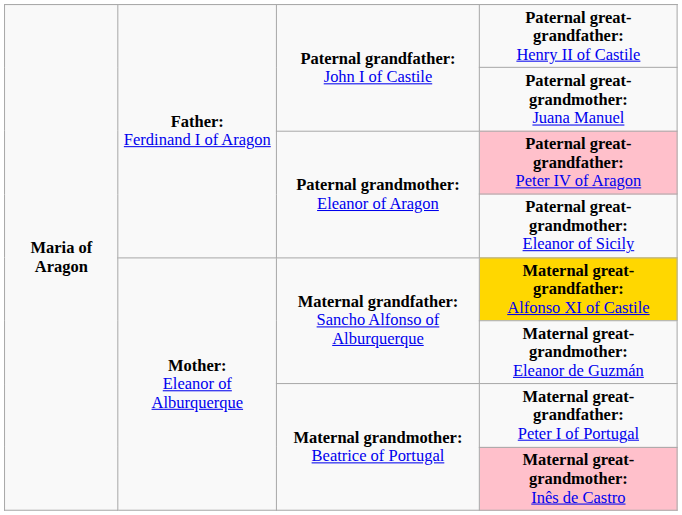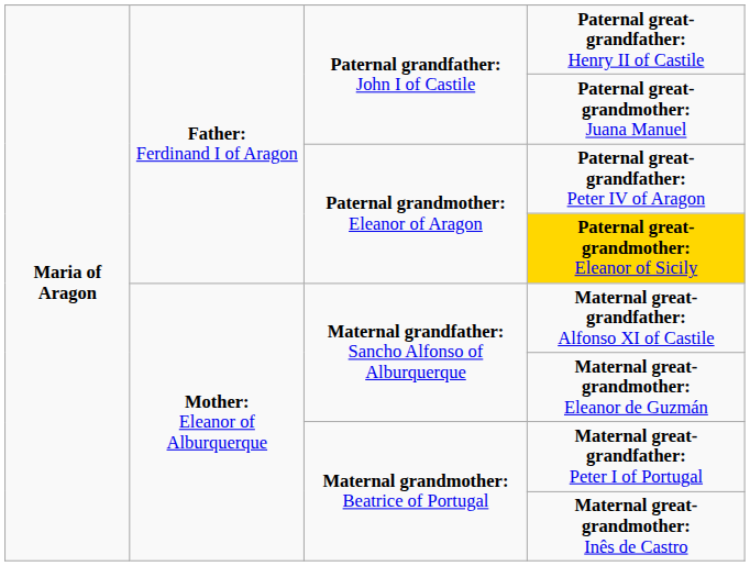 <table class="wikitable" style"text align:centre; width=74%; border=1px #AAAAFF solid">
 <tr>
 </tr>
 <tr>
 <td rowspan="8" align="center"><strong>Maria of Aragon</strong></td>
 <td rowspan="4" align="center"><strong>Father:</strong><br><a href='#'>Ferdinand I of Aragon</a></td>
 <td rowspan="2" align="center"><strong>Paternal grandfather:</strong><br><a href='#'>John I of Castile</a></td>
 <td align="center"><strong>Paternal great-grandfather:</strong><br><a href='#'>Henry II of Castile</a></td>
 </tr>
 <tr>
 <td align="center"><strong>Paternal great-grandmother:</strong><br><a href='#'>Juana Manuel</a></td>
 </tr>
 <tr>
 <td rowspan="2" align="center"><strong>Paternal grandmother:</strong><br><a href='#'>Eleanor of Aragon</a></td>
-<td align="center" style="background: pink;"><strong>Paternal great-grandfather:</strong><br><a href='#'>Peter IV of Aragon</a></td>
+<td align="center"><strong>Paternal great-grandfather:</strong><br><a href='#'>Peter IV of Aragon</a></td>
 </tr>
 <tr>
-<td align="center"><strong>Paternal great-grandmother:</strong><br><a href='#'>Eleanor of Sicily</a></td>
+<td align="center" style="background: gold;"><strong>Paternal great-grandmother:</strong><br><a href='#'>Eleanor of Sicily</a></td>
 </tr>
 <tr>
 <td rowspan="4" align="center"><strong>Mother:</strong><br><a href='#'>Eleanor of Alburquerque</a></td>
 <td rowspan="2" align="center"><strong>Maternal grandfather:</strong><br><a href='#'>Sancho Alfonso of Alburquerque</a></td>
-<td align="center" style="background: gold;"><strong>Maternal great-grandfather:</strong><br><a href='#'>Alfonso XI of Castile</a></td>
+<td align="center"><strong>Maternal great-grandfather:</strong><br><a href='#'>Alfonso XI of Castile</a></td>
 </tr>
 <tr>
 <td align="center"><strong>Maternal great-grandmother:</strong><br><a href='#'>Eleanor de Guzmán</a></td>
 </tr>
 <tr>
 <td rowspan="2" align="center"><strong>Maternal grandmother:</strong><br><a href='#'>Beatrice of Portugal</a></td>
 <td align="center"><strong>Maternal great-grandfather:</strong><br><a href='#'>Peter I of Portugal</a></td>
 </tr>
 <tr>
-<td align="center" style="background: pink;"><strong>Maternal great-grandmother:</strong><br><a href='#'>Inês de Castro</a></td>
+<td align="center"><strong>Maternal great-grandmother:</strong><br><a href='#'>Inês de Castro</a></td>
 </tr>
 </table>
